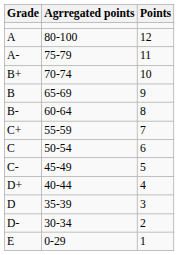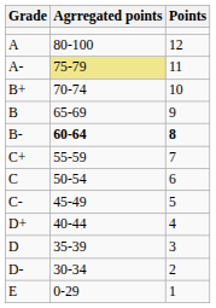 <table class="wikitable">
 <tr>
 <th>Grade</th>
 <th>Agrregated points</th>
 <th>Points</th>
 </tr>
 <tr>
 <td></td>
 <td></td>
 </tr>
 <tr>
 <td>A</td>
 <td>80-100</td>
 <td>12</td>
 </tr>
 <tr>
 <td>A-</td>
-<td>75-79</td>
+<td style="background: khaki;">75-79</td>
 <td>11</td>
 </tr>
 <tr>
 <td>B+</td>
 <td>70-74</td>
 <td>10</td>
 </tr>
 <tr>
 <td>B</td>
 <td>65-69</td>
 <td>9</td>
 </tr>
 <tr>
 <td>B-</td>
-<td>60-64</td>
-<td>8</td>
+<td><strong>60-64</strong></td>
+<td><strong>8</strong></td>
 </tr>
 <tr>
 <td>C+</td>
 <td>55-59</td>
 <td>7</td>
 </tr>
 <tr>
 <td>C</td>
 <td>50-54</td>
 <td>6</td>
 </tr>
 <tr>
 <td>C-</td>
 <td>45-49</td>
 <td>5</td>
 </tr>
 <tr>
 <td>D+</td>
 <td>40-44</td>
 <td>4</td>
 </tr>
 <tr>
 <td>D</td>
 <td>35-39</td>
 <td>3</td>
 </tr>
 <tr>
 <td>D-</td>
 <td>30-34</td>
 <td>2</td>
 </tr>
 <tr>
 <td>E</td>
 <td>0-29</td>
 <td>1</td>
 </tr>
 </table>
